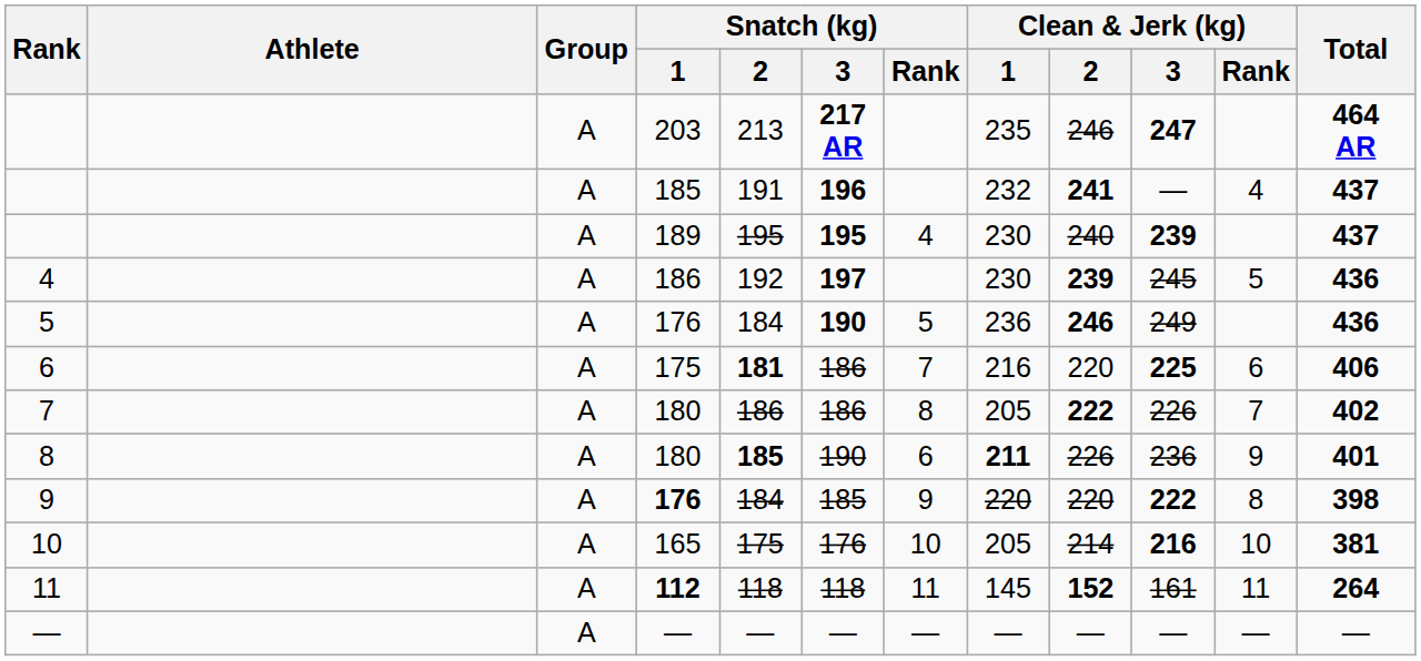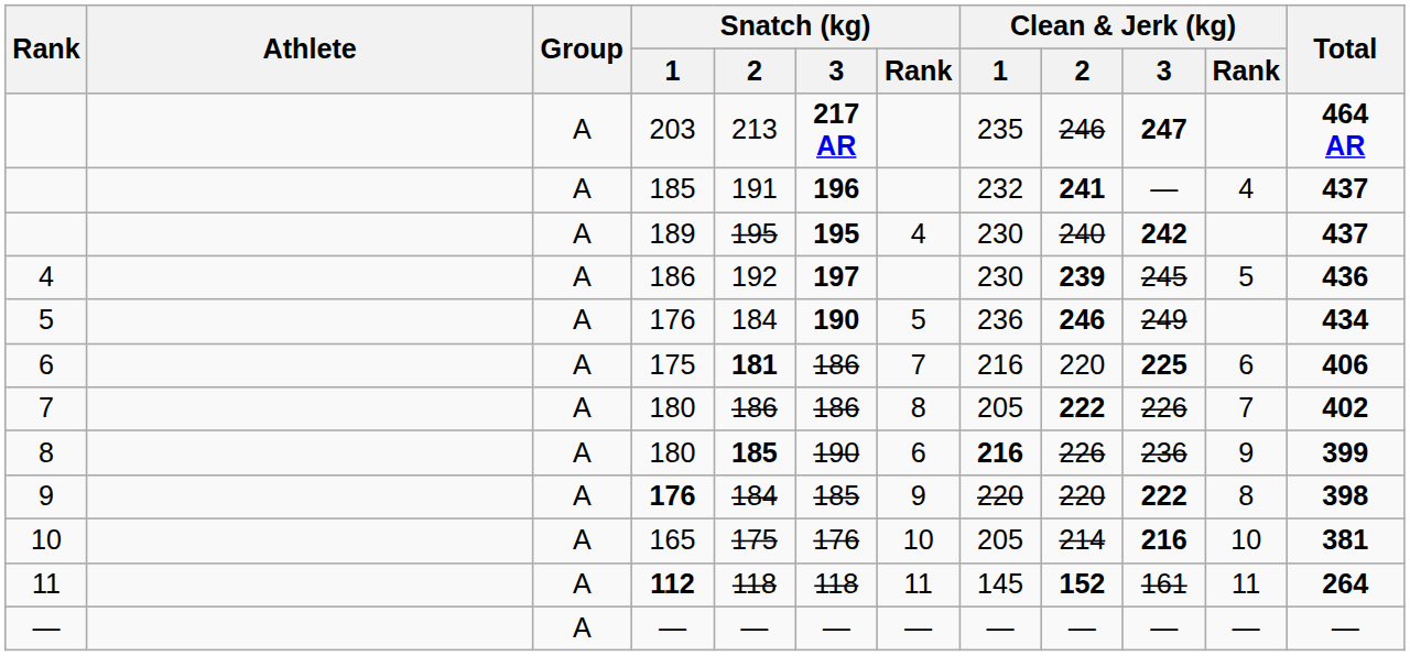 <table class = "wikitable" style="text-align:center;">
 <tr>
 <th rowspan=2 width=40>Rank</th>
 <th rowspan=2 width=250>Athlete</th>
 <th rowspan=2 width=50>Group</th>
 <th colspan=4>Snatch (kg)</th>
 <th colspan=4>Clean & Jerk (kg)</th>
 <th rowspan=2 width=60>Total</th>
 </tr>
 <tr>
 <th width=40>1</th>
 <th width=40>2</th>
 <th width=40>3</th>
 <th width=40>Rank</th>
 <th width=40>1</th>
 <th width=40>2</th>
 <th width=40>3</th>
 <th width=40>Rank</th>
 </tr>
 <tr>
 <td></td>
 <td align=left></td>
 <td>A</td>
 <td>203</td>
 <td>213</td>
 <td><strong>217</strong><br><strong><a href='#'>AR</a></strong></td>
 <td></td>
 <td>235</td>
 <td><s>246</s></td>
 <td><strong>247</strong></td>
 <td></td>
 <td><strong>464</strong><br><strong><a href='#'>AR</a></strong></td>
 </tr>
 <tr>
 <td></td>
 <td align=left></td>
 <td>A</td>
 <td>185</td>
 <td>191</td>
 <td><strong>196</strong></td>
 <td></td>
 <td>232</td>
 <td><strong>241</strong></td>
 <td>—</td>
 <td>4</td>
 <td><strong>437</strong></td>
 </tr>
 <tr>
 <td></td>
 <td align=left></td>
 <td>A</td>
 <td>189</td>
 <td><s>195</s></td>
 <td><strong>195</strong></td>
 <td>4</td>
 <td>230</td>
 <td><s>240</s></td>
-<td><strong>239</strong></td>
+<td><strong>242</strong></td>
 <td></td>
 <td><strong>437</strong></td>
 </tr>
 <tr>
 <td>4</td>
 <td align=left></td>
 <td>A</td>
 <td>186</td>
 <td>192</td>
 <td><strong>197</strong></td>
 <td></td>
 <td>230</td>
 <td><strong>239</strong></td>
 <td><s>245</s></td>
 <td>5</td>
 <td><strong>436</strong></td>
 </tr>
 <tr>
 <td>5</td>
 <td align=left></td>
 <td>A</td>
 <td>176</td>
 <td>184</td>
 <td><strong>190</strong></td>
 <td>5</td>
 <td>236</td>
 <td><strong>246</strong></td>
 <td><s>249</s></td>
 <td></td>
-<td><strong>436</strong></td>
+<td><strong>434</strong></td>
 </tr>
 <tr>
 <td>6</td>
 <td align=left></td>
 <td>A</td>
 <td>175</td>
 <td><strong>181</strong></td>
 <td><s>186</s></td>
 <td>7</td>
 <td>216</td>
 <td>220</td>
 <td><strong>225</strong></td>
 <td>6</td>
 <td><strong>406</strong></td>
 </tr>
 <tr>
 <td>7</td>
 <td align=left></td>
 <td>A</td>
 <td>180</td>
 <td><s>186</s></td>
 <td><s>186</s></td>
 <td>8</td>
 <td>205</td>
 <td><strong>222</strong></td>
 <td><s>226</s></td>
 <td>7</td>
 <td><strong>402</strong></td>
 </tr>
 <tr>
 <td>8</td>
 <td align=left></td>
 <td>A</td>
 <td>180</td>
 <td><strong>185</strong></td>
 <td><s>190</s></td>
 <td>6</td>
-<td><strong>211</strong></td>
+<td><strong>216</strong></td>
 <td><s>226</s></td>
 <td><s>236</s></td>
 <td>9</td>
-<td><strong>401</strong></td>
+<td><strong>399</strong></td>
 </tr>
 <tr>
 <td>9</td>
 <td align=left></td>
 <td>A</td>
 <td><strong>176</strong></td>
 <td><s>184</s></td>
 <td><s>185</s></td>
 <td>9</td>
 <td><s>220</s></td>
 <td><s>220</s></td>
 <td><strong>222</strong></td>
 <td>8</td>
 <td><strong>398</strong></td>
 </tr>
 <tr>
 <td>10</td>
 <td align=left></td>
 <td>A</td>
 <td>165</td>
 <td><s>175</s></td>
 <td><s>176</s></td>
 <td>10</td>
 <td>205</td>
 <td><s>214</s></td>
 <td><strong>216</strong></td>
 <td>10</td>
 <td><strong>381</strong></td>
 </tr>
 <tr>
 <td>11</td>
 <td align=left></td>
 <td>A</td>
 <td><strong>112</strong></td>
 <td><s>118</s></td>
 <td><s>118</s></td>
 <td>11</td>
 <td>145</td>
 <td><strong>152</strong></td>
 <td><s>161</s></td>
 <td>11</td>
 <td><strong>264</strong></td>
 </tr>
 <tr>
 <td>—</td>
 <td align=left></td>
 <td>A</td>
 <td>—</td>
 <td>—</td>
 <td>—</td>
 <td>—</td>
 <td>—</td>
 <td>—</td>
 <td>—</td>
 <td>—</td>
 <td>—</td>
 </tr>
 </table>
